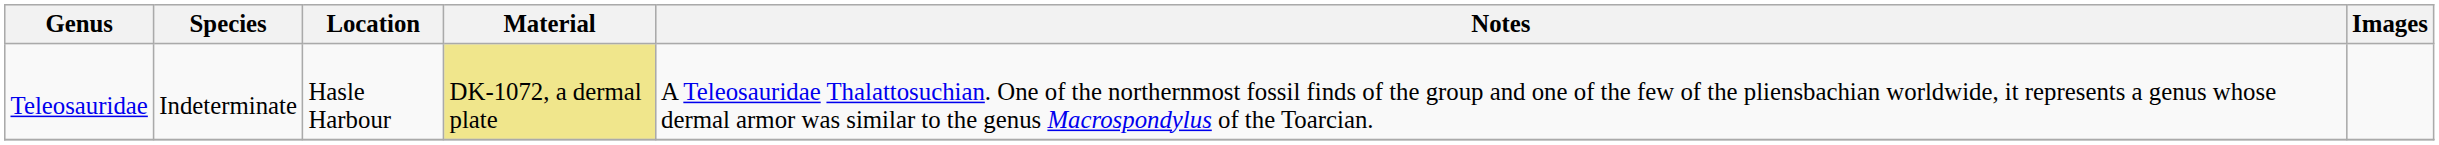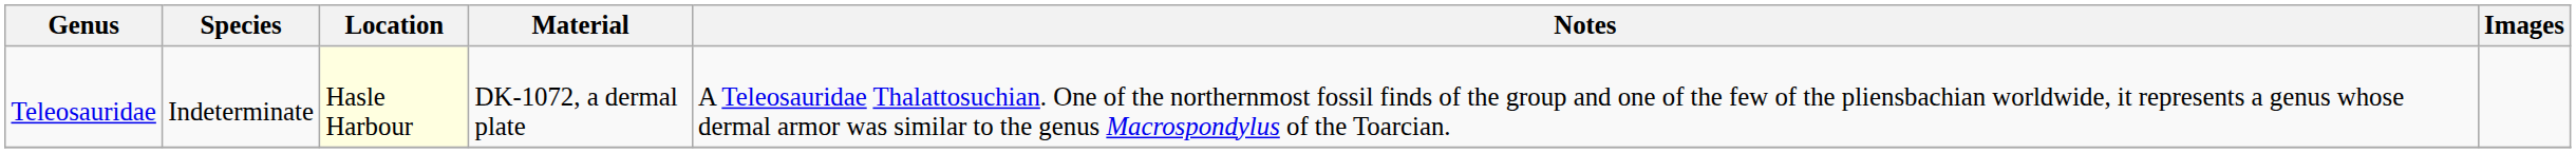 <table class ="wikitable" align="center">
 <tr>
 <th>Genus</th>
 <th>Species</th>
 <th>Location</th>
 <th>Material</th>
 <th>Notes</th>
 <th>Images</th>
 </tr>
 <tr>
 <td><br><a href='#'>Teleosauridae</a></td>
 <td><br>Indeterminate</td>
-<td><br>Hasle Harbour</td>
-<td style="background: khaki;"><br>DK-1072, a dermal plate</td>
+<td style="background: lightyellow;"><br>Hasle Harbour</td>
+<td><br>DK-1072, a dermal plate</td>
 <td><br>A <a href='#'>Teleosauridae</a> <a href='#'>Thalattosuchian</a>. One of the northernmost fossil finds of the group and one of the few of the pliensbachian worldwide, it represents a genus whose dermal armor was similar to the genus <em><a href='#'>Macrospondylus</a></em> of the Toarcian.</td>
 <td><br></td>
 </tr>
 <tr>
 </tr>
 </table>
